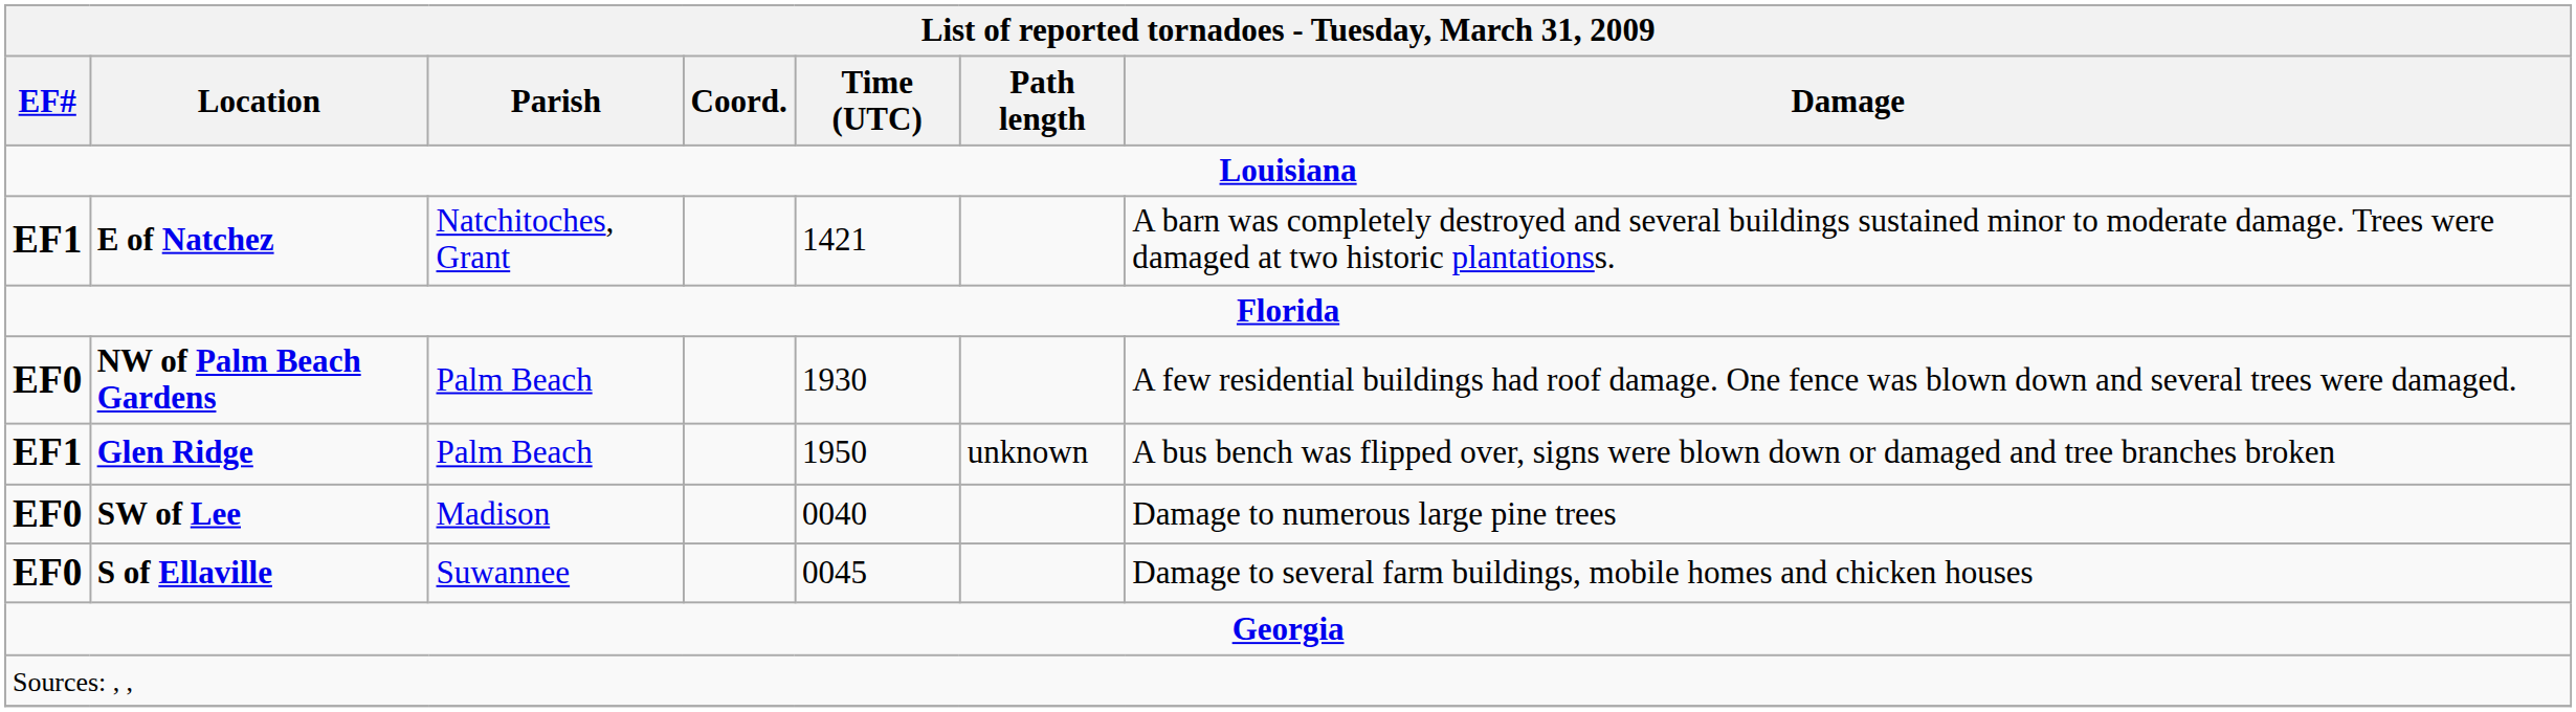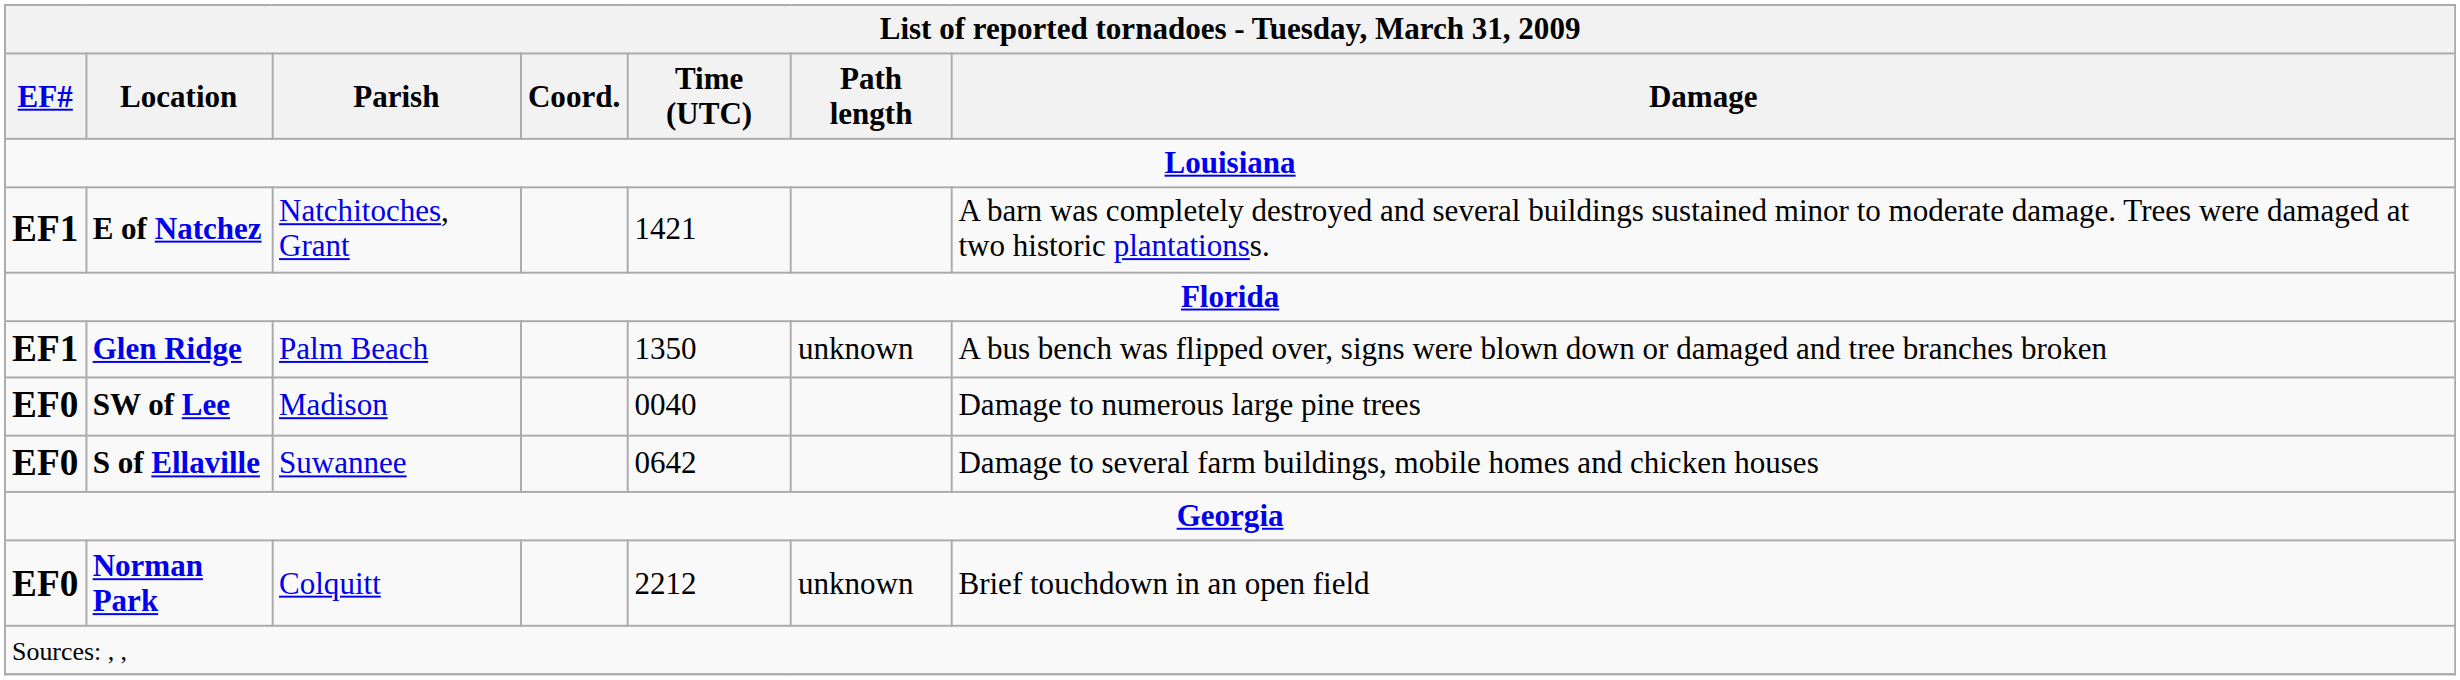 <table class="wikitable collapsible" width="100%">
 <tr>
 <th colspan="7">List of reported tornadoes - Tuesday, March 31, 2009</th>
 </tr>
 <tr>
 <th><a href='#'>EF#</a></th>
 <th>Location</th>
 <th>Parish</th>
 <th>Coord.</th>
 <th>Time (UTC)</th>
 <th>Path length</th>
 <th style="text-align:center"><strong>Damage</strong></th>
 </tr>
 <tr>
 <td colspan="7" align=center><strong><a href='#'>Louisiana</a></strong></td>
 </tr>
 <tr>
 <td><big><strong>EF1</strong></big></td>
 <td><strong>E of <a href='#'>Natchez</a></strong></td>
 <td><a href='#'>Natchitoches</a>, <a href='#'>Grant</a></td>
 <td></td>
 <td>1421</td>
 <td></td>
 <td>A barn was completely destroyed and several buildings sustained minor to moderate damage. Trees were damaged at two historic <a href='#'>plantations</a>s.</td>
 </tr>
 <tr>
 <td colspan="7" align=center><strong><a href='#'>Florida</a></strong></td>
 </tr>
 <tr>
-<td><big><strong>EF0</strong></big></td>
-<td><strong>NW of <a href='#'>Palm Beach Gardens</a></strong></td>
-<td><a href='#'>Palm Beach</a></td>
-<td></td>
-<td>1930</td>
-<td></td>
-<td>A few residential buildings had roof damage. One fence was blown down and several trees were damaged.</td>
-</tr>
-<tr>
 <td><big><strong>EF1</strong></big></td>
 <td><strong><a href='#'>Glen Ridge</a></strong></td>
 <td><a href='#'>Palm Beach</a></td>
 <td></td>
-<td>1950</td>
+<td>1350</td>
 <td>unknown</td>
 <td>A bus bench was flipped over, signs were blown down or damaged and tree branches broken</td>
 </tr>
 <tr>
 <td><big><strong>EF0</strong></big></td>
 <td><strong>SW of <a href='#'>Lee</a></strong></td>
 <td><a href='#'>Madison</a></td>
 <td></td>
 <td>0040</td>
 <td></td>
 <td>Damage to numerous large pine trees</td>
 </tr>
 <tr>
 <td><big><strong>EF0</strong></big></td>
 <td><strong>S of <a href='#'>Ellaville</a></strong></td>
 <td><a href='#'>Suwannee</a></td>
 <td></td>
-<td>0045</td>
+<td>0642</td>
 <td></td>
 <td>Damage to several farm buildings, mobile homes and chicken houses</td>
 </tr>
 <tr>
 <td colspan="7" align=center><strong><a href='#'>Georgia</a></strong></td>
 </tr>
 <tr>
+<td><big><strong>EF0</strong></big></td>
+<td><strong><a href='#'>Norman Park</a></strong></td>
+<td><a href='#'>Colquitt</a></td>
+<td></td>
+<td>2212</td>
+<td>unknown</td>
+<td>Brief touchdown in an open field</td>
+</tr>
+<tr>
 <td colspan="7"><small>Sources: , , </small></td>
 </tr>
 <tr>
 </tr>
 </table>
